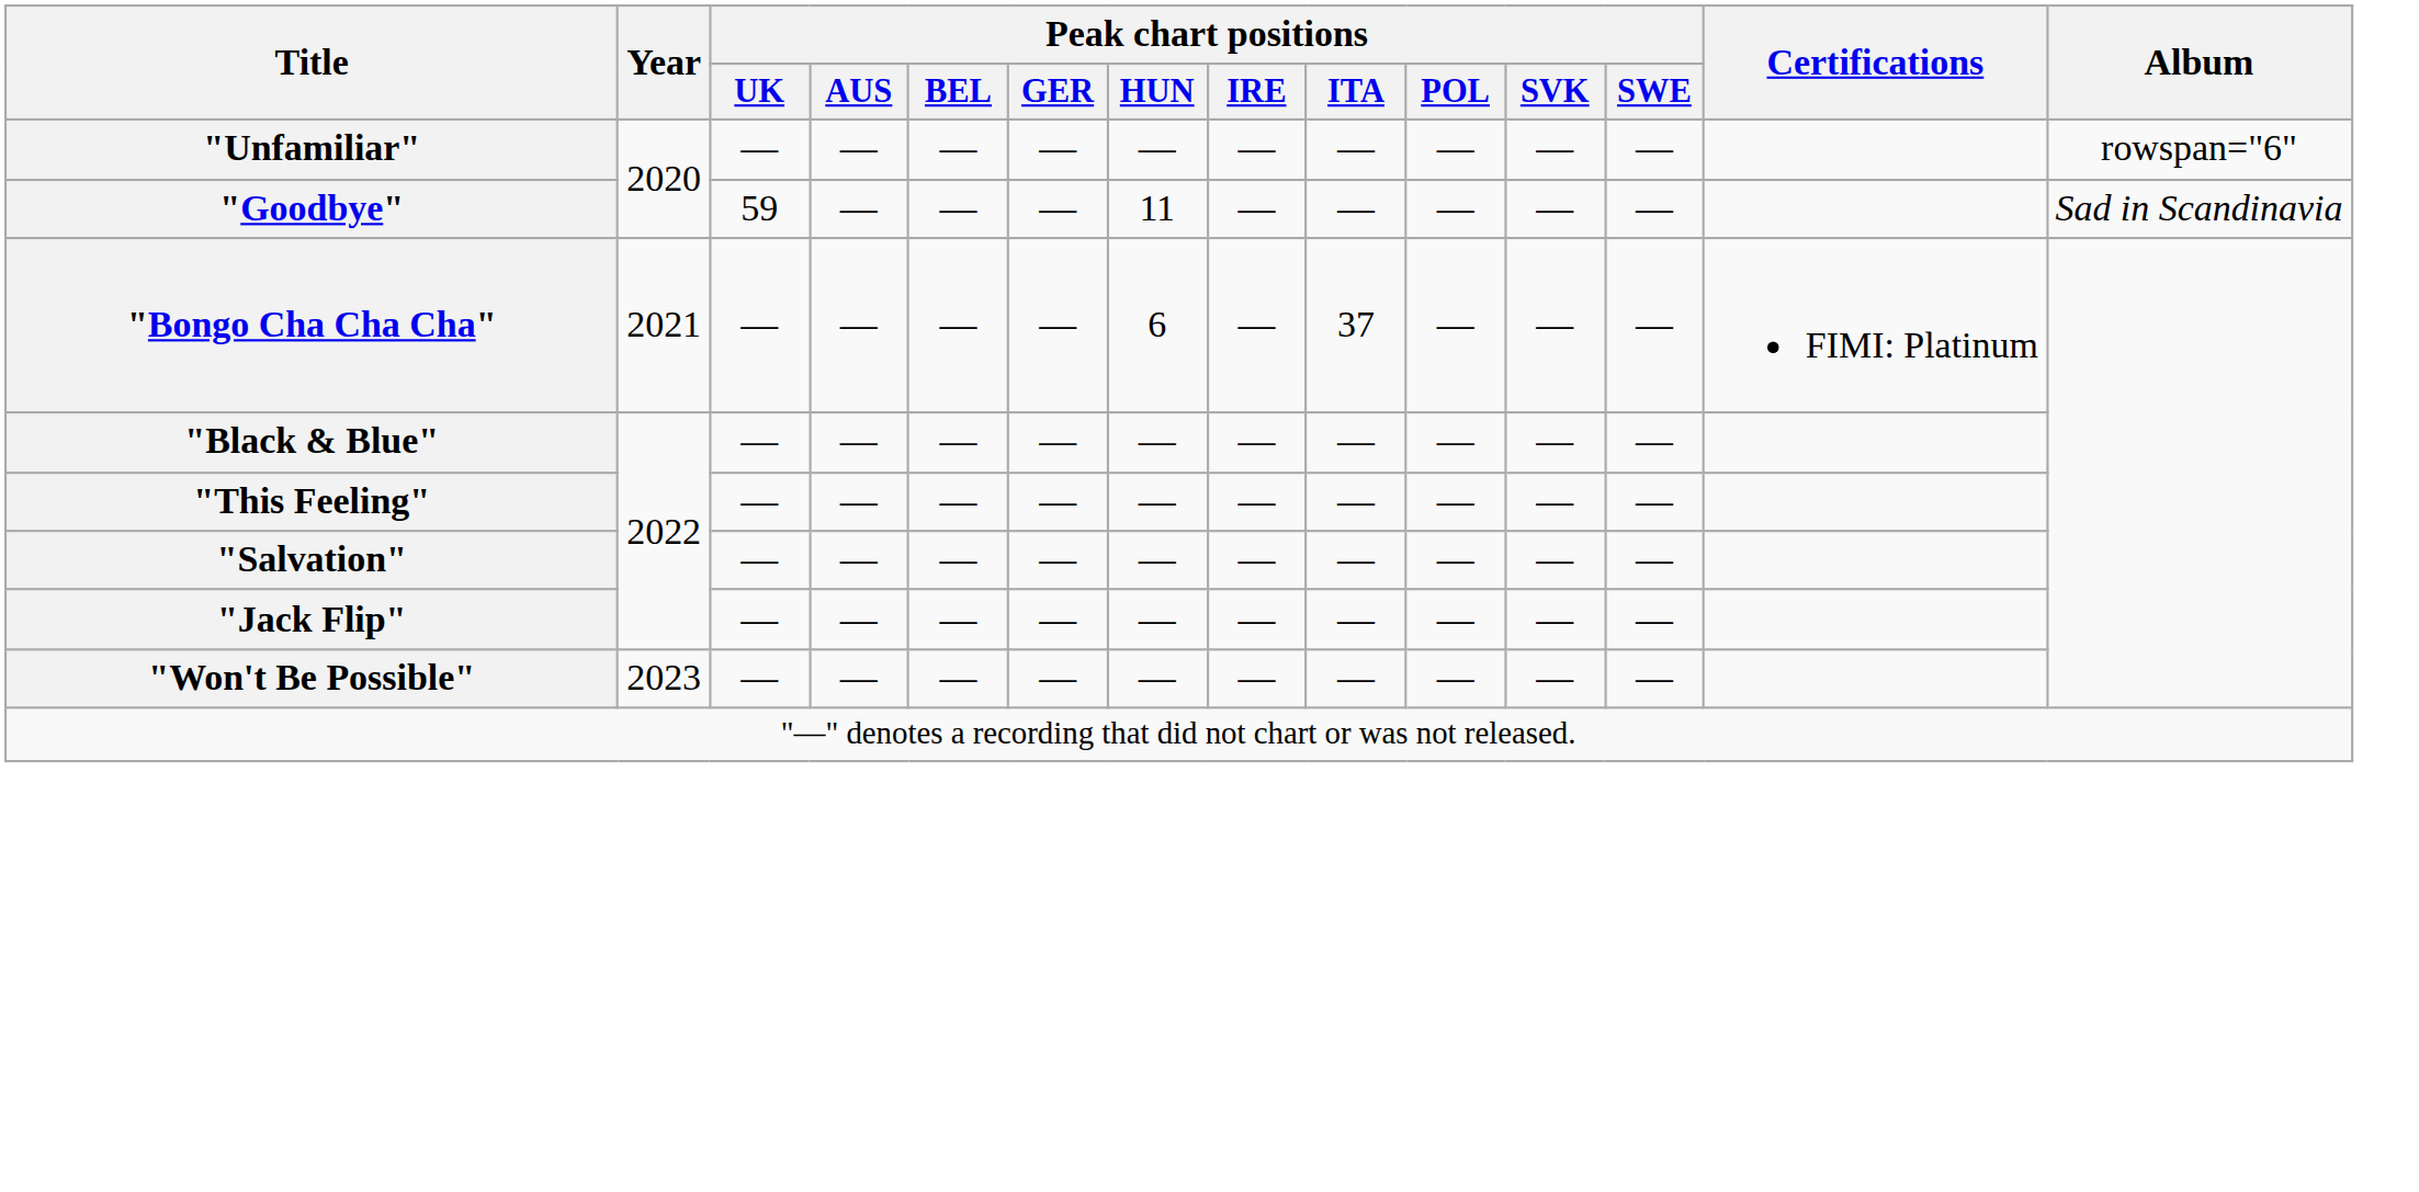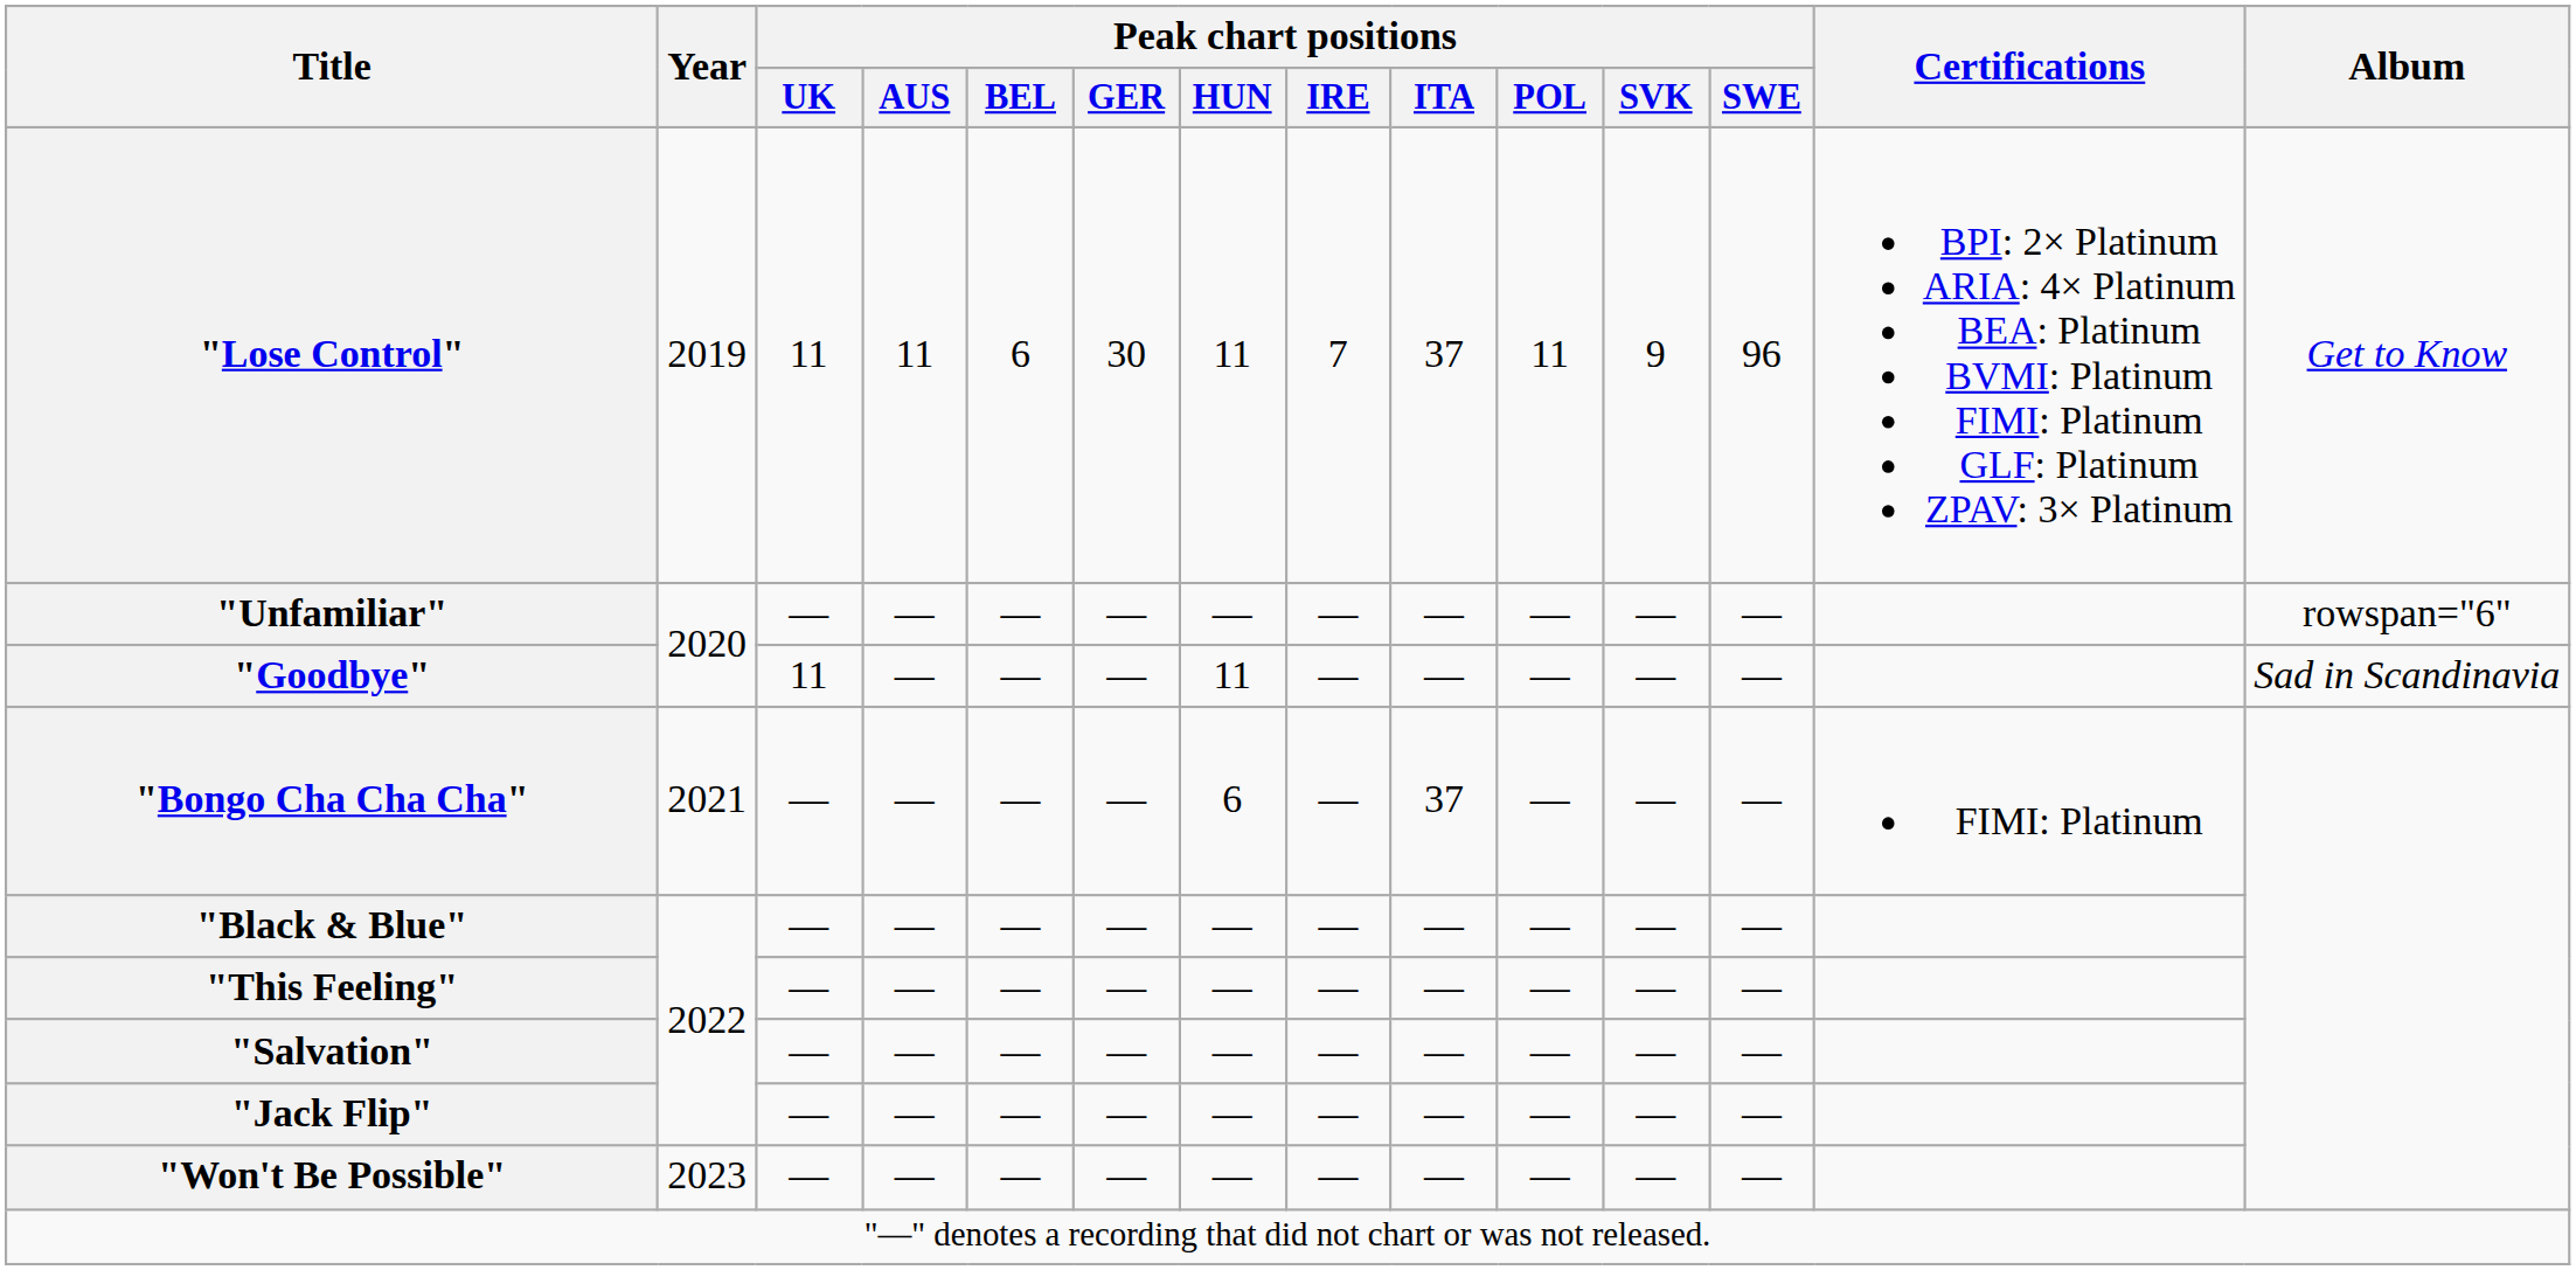 <table class="wikitable plainrowheaders" style="text-align:center;">
 <tr>
 <th scope="col" rowspan="2" style="width:16em;">Title</th>
 <th scope="col" rowspan="2" style="width:1em;">Year</th>
 <th scope="col" colspan="10">Peak chart positions</th>
 <th scope="col" rowspan="2"><a href='#'>Certifications</a></th>
 <th scope="col" rowspan="2">Album</th>
 </tr>
 <tr>
 <th scope="col" style="width:2.5em;font-size:90%;"><a href='#'>UK</a><br></th>
 <th scope="col" style="width:2.5em;font-size:90%;"><a href='#'>AUS</a><br></th>
 <th scope="col" style="width:2.5em;font-size:90%;"><a href='#'>BEL</a><br></th>
 <th scope="col" style="width:2.5em;font-size:90%;"><a href='#'>GER</a><br></th>
 <th scope="col" style="width:2.5em;font-size:90%;"><a href='#'>HUN</a><br></th>
 <th scope="col" style="width:2.5em;font-size:90%;"><a href='#'>IRE</a><br></th>
 <th scope="col" style="width:2.5em;font-size:90%;"><a href='#'>ITA</a><br></th>
 <th scope="col" style="width:2.5em;font-size:90%;"><a href='#'>POL</a><br></th>
 <th scope="col" style="width:2.5em;font-size:90%;"><a href='#'>SVK</a><br></th>
 <th scope="col" style="width:2.5em;font-size:90%;"><a href='#'>SWE</a><br></th>
 </tr>
 <tr>
+<th scope="row">"<a href='#'>Lose Control</a>"<br></th>
+<td>2019</td>
+<td>11</td>
+<td>11</td>
+<td>6</td>
+<td>30</td>
+<td>11</td>
+<td>7</td>
+<td>37</td>
+<td>11</td>
+<td>9</td>
+<td>96</td>
+<td><br><ul><li><a href='#'>BPI</a>: 2× Platinum</li><li><a href='#'>ARIA</a>: 4× Platinum</li><li><a href='#'>BEA</a>: Platinum</li><li><a href='#'>BVMI</a>: Platinum</li><li><a href='#'>FIMI</a>: Platinum</li><li><a href='#'>GLF</a>: Platinum</li><li><a href='#'>ZPAV</a>: 3× Platinum</li></ul></td>
+<td><em><a href='#'>Get to Know</a></em></td>
+</tr>
+<tr>
 <th scope="row">"Unfamiliar"<br></th>
 <td rowspan="2">2020</td>
 <td>—</td>
 <td>—</td>
 <td>—</td>
 <td>—</td>
 <td>—</td>
 <td>—</td>
 <td>—</td>
 <td>—</td>
 <td>—</td>
 <td>—</td>
 <td></td>
 <td>rowspan="6" </td>
 </tr>
 <tr>
 <th scope="row">"<a href='#'>Goodbye</a>"<br></th>
-<td>59</td>
+<td>11</td>
 <td>—</td>
 <td>—</td>
 <td>—</td>
 <td>11</td>
 <td>—</td>
 <td>—</td>
 <td>—</td>
 <td>—</td>
 <td>—</td>
 <td></td>
 <td><em>Sad in Scandinavia</em></td>
 </tr>
 <tr>
 <th scope="row">"<a href='#'>Bongo Cha Cha Cha</a>"</th>
 <td>2021</td>
 <td>—</td>
 <td>—</td>
 <td>—</td>
 <td>—</td>
 <td>6</td>
 <td>—</td>
 <td>37</td>
 <td>—</td>
 <td>—</td>
 <td>—</td>
 <td><br><ul><li>FIMI: Platinum</li></ul></td>
 </tr>
 <tr>
 <th scope="row">"Black & Blue"</th>
 <td rowspan="4">2022</td>
 <td>—</td>
 <td>—</td>
 <td>—</td>
 <td>—</td>
 <td>—</td>
 <td>—</td>
 <td>—</td>
 <td>—</td>
 <td>—</td>
 <td>—</td>
 <td></td>
 </tr>
 <tr>
 <th scope="row">"This Feeling"<br></th>
 <td>—</td>
 <td>—</td>
 <td>—</td>
 <td>—</td>
 <td>—</td>
 <td>—</td>
 <td>—</td>
 <td>—</td>
 <td>—</td>
 <td>—</td>
 <td></td>
 </tr>
 <tr>
 <th scope="row">"Salvation"<br></th>
 <td>—</td>
 <td>—</td>
 <td>—</td>
 <td>—</td>
 <td>—</td>
 <td>—</td>
 <td>—</td>
 <td>—</td>
 <td>—</td>
 <td>—</td>
 <td></td>
 </tr>
 <tr>
 <th scope="row">"Jack Flip"</th>
 <td>—</td>
 <td>—</td>
 <td>—</td>
 <td>—</td>
 <td>—</td>
 <td>—</td>
 <td>—</td>
 <td>—</td>
 <td>—</td>
 <td>—</td>
 <td></td>
 </tr>
 <tr>
 <th scope="row">"Won't Be Possible"<br></th>
 <td>2023</td>
 <td>—</td>
 <td>—</td>
 <td>—</td>
 <td>—</td>
 <td>—</td>
 <td>—</td>
 <td>—</td>
 <td>—</td>
 <td>—</td>
 <td>—</td>
 <td></td>
 </tr>
 <tr>
 <td colspan="14" style="font-size:85%">"—" denotes a recording that did not chart or was not released.</td>
 </tr>
 </table>
